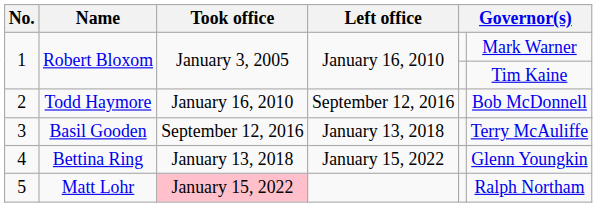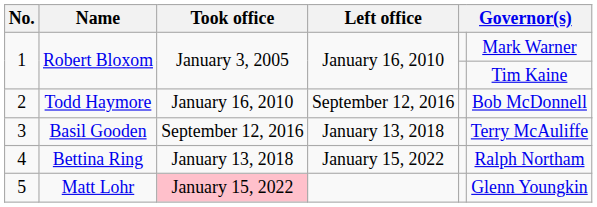 <table class="wikitable" style="clear:right; text-align:center">
 <tr>
 <th>No.</th>
 <th>Name</th>
 <th>Took office</th>
 <th>Left office</th>
 <th colspan=2><a href='#'>Governor(s)</a></th>
 </tr>
 <tr>
 <td rowspan=2>1</td>
 <td rowspan=2><a href='#'>Robert Bloxom</a></td>
 <td rowspan=2>January 3, 2005</td>
 <td rowspan=2>January 16, 2010</td>
 <td style="background: "></td>
 <td><a href='#'>Mark Warner</a></td>
 </tr>
 <tr>
 <td style="background: "></td>
 <td><a href='#'>Tim Kaine</a></td>
 </tr>
 <tr>
 <td rowspan=2>2</td>
 <td rowspan=2><a href='#'>Todd Haymore</a></td>
 <td rowspan=2>January 16, 2010</td>
 <td rowspan=2>September 12, 2016</td>
 <td style="background: "></td>
 <td><a href='#'>Bob McDonnell</a></td>
 </tr>
 <tr>
 <td rowspan=2 style="background: "></td>
 <td rowspan=2><a href='#'>Terry McAuliffe</a></td>
 </tr>
 <tr>
 <td>3</td>
 <td><a href='#'>Basil Gooden</a></td>
 <td>September 12, 2016</td>
 <td>January 13, 2018</td>
 </tr>
 <tr>
 <td>4</td>
 <td><a href='#'>Bettina Ring</a></td>
 <td>January 13, 2018</td>
 <td>January 15, 2022</td>
 <td style="background: "></td>
-<td><a href='#'>Glenn Youngkin</a></td>
+<td><a href='#'>Ralph Northam</a></td>
 </tr>
 <tr>
 <td>5</td>
 <td><a href='#'>Matt Lohr</a></td>
 <td style="background: pink;">January 15, 2022</td>
 <td></td>
 <td style="background: "></td>
-<td><a href='#'>Ralph Northam</a></td>
+<td><a href='#'>Glenn Youngkin</a></td>
 </tr>
 </table>
